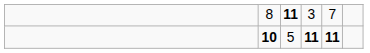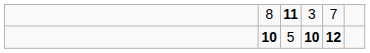 <table class="wikitable">
 <tr>
 <td style="width:18em"></td>
 <td align=center style="width:1em">8</td>
 <td align=center style="width:1em"><strong>11</strong></td>
 <td align=center style="width:1em">3</td>
 <td align=center style="width:1em">7</td>
 <td align=center style="width:1em"></td>
 </tr>
 <tr>
 <td style="width:18em"><strong></strong></td>
 <td align=center style="width:1em"><strong>10</strong></td>
 <td align=center style="width:1em">5</td>
-<td align=center style="width:1em"><strong>11</strong></td>
-<td align=center style="width:1em"><strong>11</strong></td>
+<td align=center style="width:1em"><strong>10</strong></td>
+<td align=center style="width:1em"><strong>12</strong></td>
 <td align=center style="width:1em"></td>
 </tr>
 </table>
